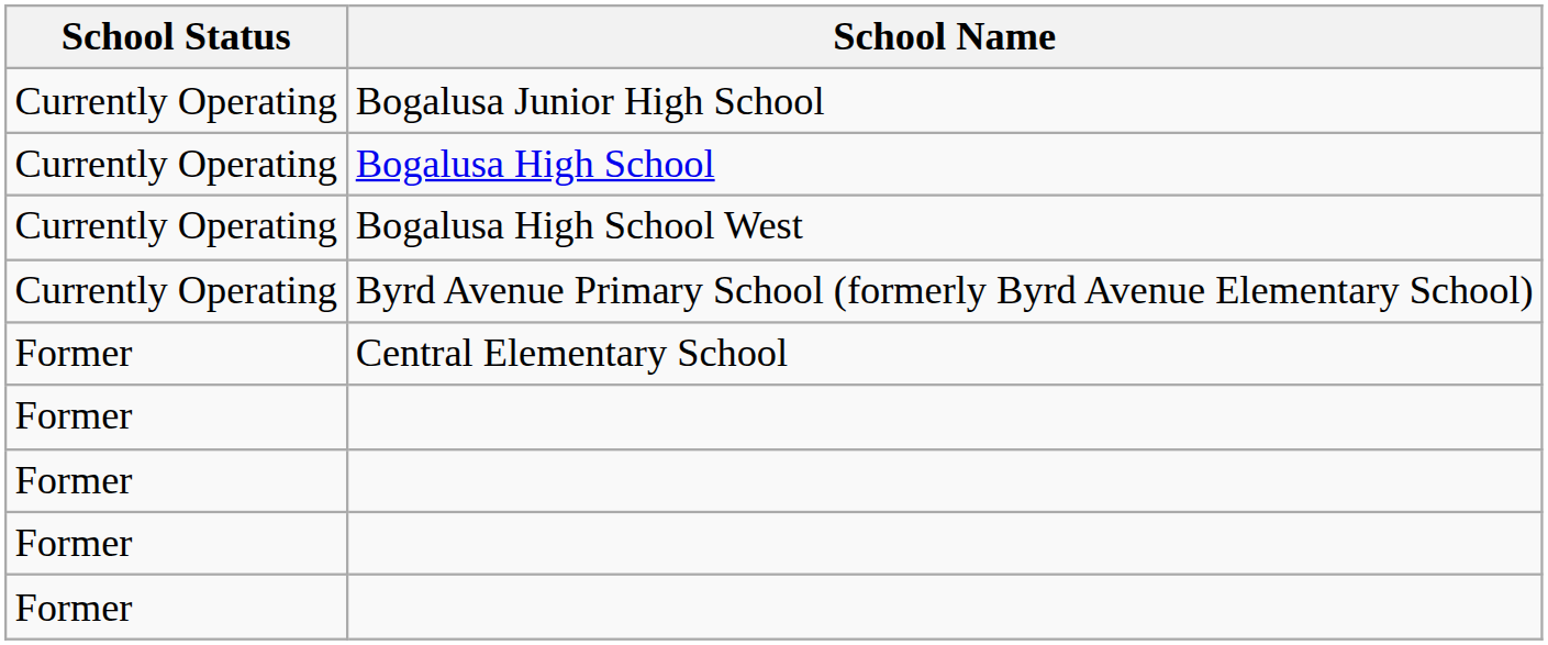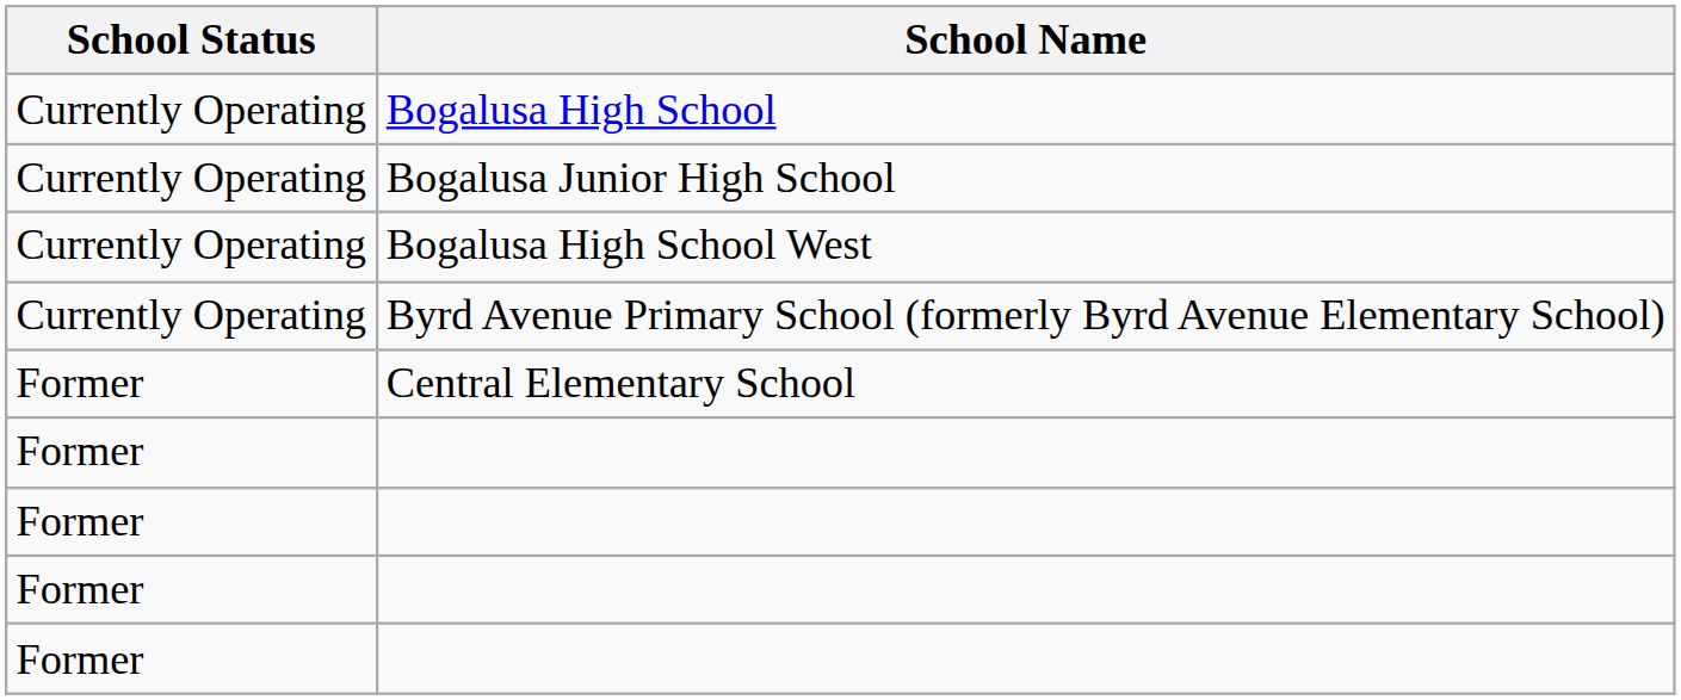 <table class="wikitable"{| class="wikitable">
 <tr>
 <th>School Status</th>
 <th>School Name</th>
 </tr>
 <tr>
 <td>Currently Operating</td>
-<td>Bogalusa Junior High School</td>
+<td><a href='#'>Bogalusa High School</a></td>
 </tr>
 <tr>
 <td>Currently Operating</td>
-<td><a href='#'>Bogalusa High School</a></td>
+<td>Bogalusa Junior High School</td>
 </tr>
 <tr>
 <td>Currently Operating</td>
 <td>Bogalusa High School West</td>
 </tr>
 <tr>
 <td>Currently Operating</td>
 <td>Byrd Avenue Primary School (formerly Byrd Avenue Elementary School)</td>
 </tr>
 <tr>
 <td>Former</td>
 <td>Central Elementary School</td>
 </tr>
 <tr>
 <td>Former</td>
 <td></td>
 </tr>
 <tr>
 <td>Former</td>
 <td></td>
 </tr>
 <tr>
 <td>Former</td>
 <td></td>
 </tr>
 <tr>
 <td>Former</td>
 <td></td>
 </tr>
 </table>
